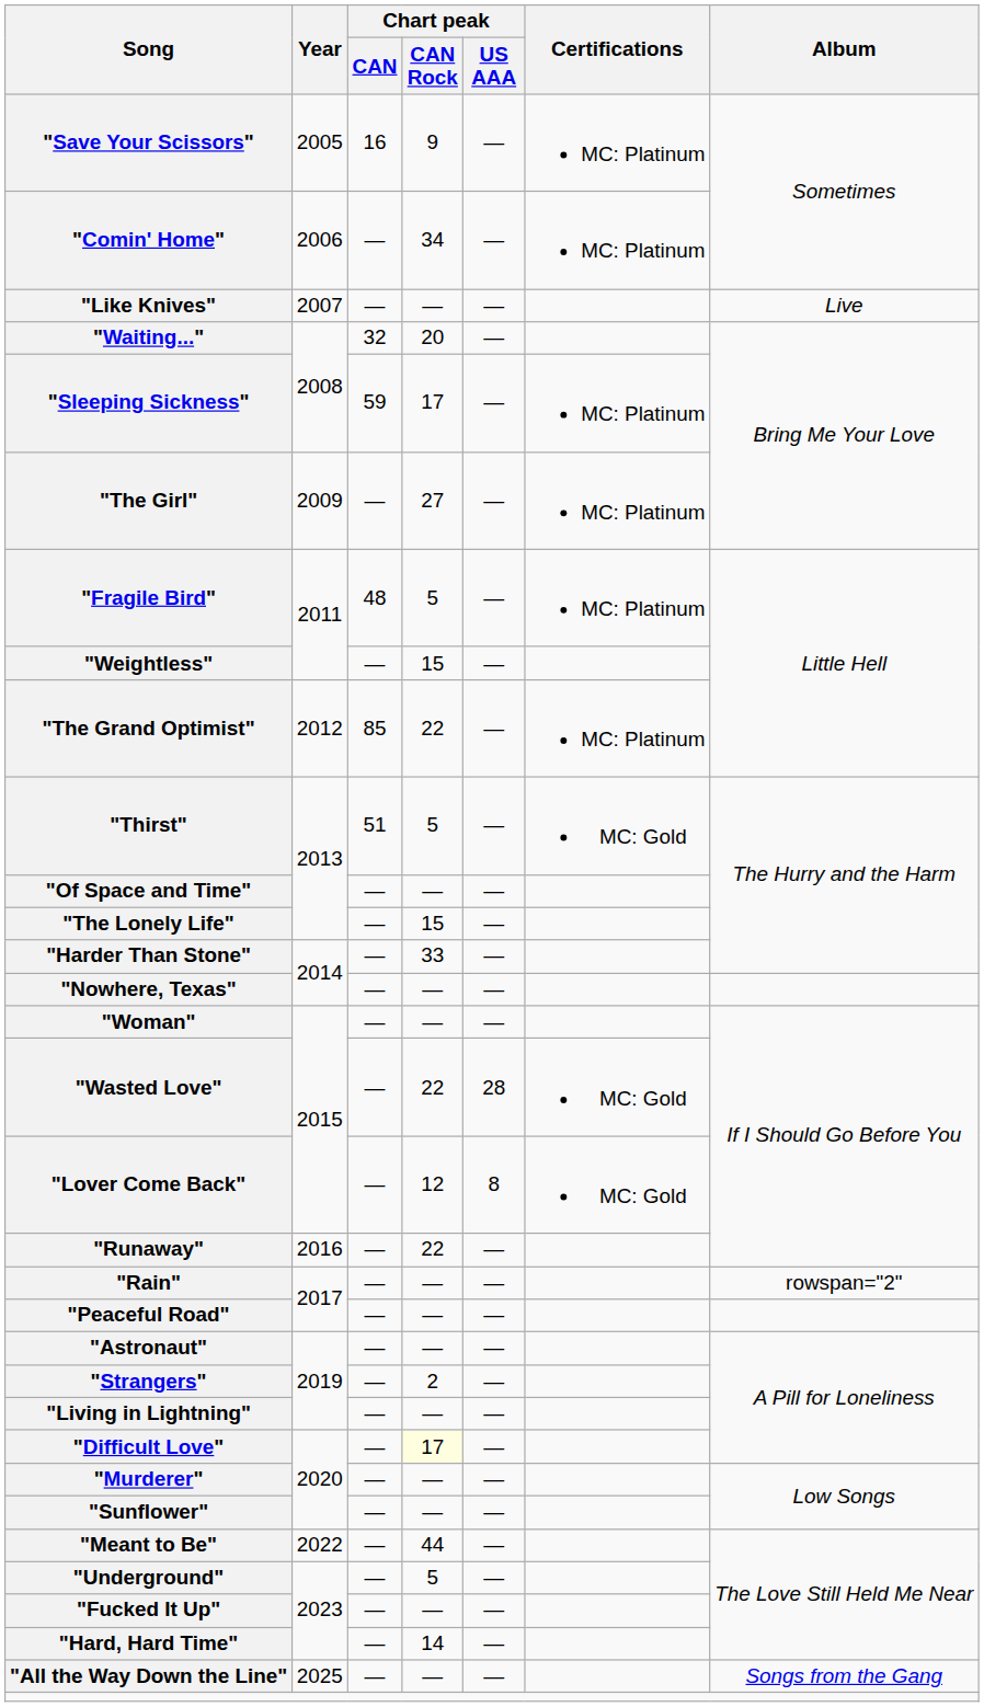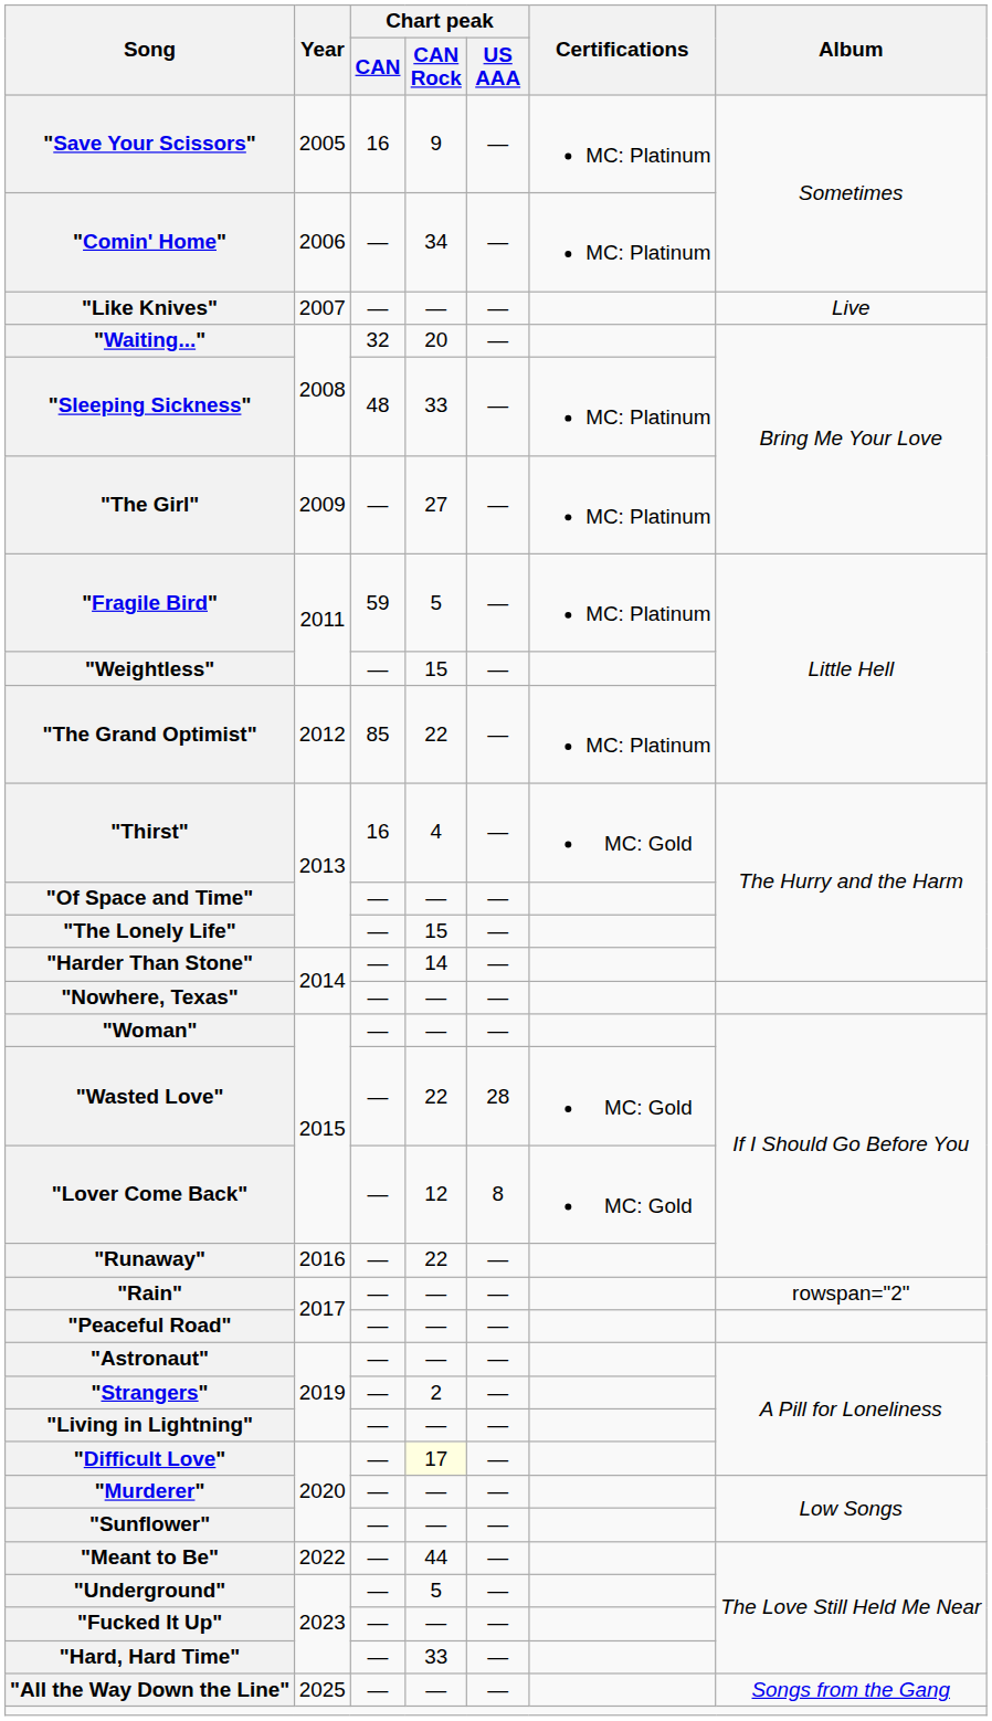 <table class="wikitable plainrowheaders" style="text-align:center;">
 <tr>
 <th rowspan="2">Song</th>
 <th rowspan="2">Year</th>
 <th colspan="3">Chart peak</th>
 <th rowspan="2">Certifications</th>
 <th rowspan="2">Album</th>
 </tr>
 <tr>
 <th style="width=40px;"><a href='#'>CAN</a><br></th>
 <th style="width:40px;"><a href='#'>CAN<br>Rock</a><br></th>
 <th style="width:40px;"><a href='#'>US<br>AAA</a><br></th>
 </tr>
 <tr>
 <th scope="row">"<a href='#'>Save Your Scissors</a>"</th>
 <td>2005</td>
 <td>16</td>
 <td>9</td>
 <td>—</td>
 <td><br><ul><li>MC: Platinum</li></ul></td>
 <td rowspan="2"><em>Sometimes</em></td>
 </tr>
 <tr>
 <th scope="row">"<a href='#'>Comin' Home</a>"</th>
 <td>2006</td>
 <td>—</td>
 <td>34</td>
 <td>—</td>
 <td><br><ul><li>MC: Platinum</li></ul></td>
 </tr>
 <tr>
 <th scope="row">"Like Knives"</th>
 <td>2007</td>
 <td>—</td>
 <td>—</td>
 <td>—</td>
 <td></td>
 <td><em>Live</em></td>
 </tr>
 <tr>
 <th scope="row">"<a href='#'>Waiting...</a>"</th>
 <td rowspan="2">2008</td>
 <td>32</td>
 <td>20</td>
 <td>—</td>
 <td></td>
 <td rowspan="3"><em>Bring Me Your Love</em></td>
 </tr>
 <tr>
 <th scope="row">"<a href='#'>Sleeping Sickness</a>"</th>
-<td>59</td>
-<td>17</td>
+<td>48</td>
+<td>33</td>
 <td>—</td>
 <td><br><ul><li>MC: Platinum</li></ul></td>
 </tr>
 <tr>
 <th scope="row">"The Girl"</th>
 <td>2009</td>
 <td>—</td>
 <td>27</td>
 <td>—</td>
 <td><br><ul><li>MC: Platinum</li></ul></td>
 </tr>
 <tr>
 <th scope="row">"<a href='#'>Fragile Bird</a>"</th>
 <td rowspan="2">2011</td>
-<td>48</td>
+<td>59</td>
 <td>5</td>
 <td>—</td>
 <td><br><ul><li>MC: Platinum</li></ul></td>
 <td rowspan="3"><em>Little Hell</em></td>
 </tr>
 <tr>
 <th scope="row">"Weightless"</th>
 <td>—</td>
 <td>15</td>
 <td>—</td>
 <td></td>
 </tr>
 <tr>
 <th scope="row">"The Grand Optimist"</th>
 <td>2012</td>
 <td>85</td>
 <td>22</td>
 <td>—</td>
 <td><br><ul><li>MC: Platinum</li></ul></td>
 </tr>
 <tr>
 <th scope="row">"Thirst"</th>
 <td rowspan="3">2013</td>
-<td>51</td>
-<td>5</td>
+<td>16</td>
+<td>4</td>
 <td>—</td>
 <td><br><ul><li>MC: Gold</li></ul></td>
 <td rowspan="4"><em>The Hurry and the Harm </em></td>
 </tr>
 <tr>
 <th scope="row">"Of Space and Time"</th>
 <td>—</td>
 <td>—</td>
 <td>—</td>
 <td></td>
 </tr>
 <tr>
 <th scope="row">"The Lonely Life"</th>
 <td>—</td>
 <td>15</td>
 <td>—</td>
 <td></td>
 </tr>
 <tr>
 <th scope="row">"Harder Than Stone"</th>
 <td rowspan="2">2014</td>
 <td>—</td>
-<td>33</td>
+<td>14</td>
 <td>—</td>
 <td></td>
 </tr>
 <tr>
 <th scope="row">"Nowhere, Texas"</th>
 <td>—</td>
 <td>—</td>
 <td>—</td>
 <td></td>
 <td></td>
 </tr>
 <tr>
 <th scope="row">"Woman"</th>
 <td rowspan="3">2015</td>
 <td>—</td>
 <td>—</td>
 <td>—</td>
 <td></td>
 <td rowspan="4"><em>If I Should Go Before You</em></td>
 </tr>
 <tr>
 <th scope="row">"Wasted Love"</th>
 <td>—</td>
 <td>22</td>
 <td>28</td>
 <td><br><ul><li>MC: Gold</li></ul></td>
 </tr>
 <tr>
 <th scope="row">"Lover Come Back"</th>
 <td>—</td>
 <td>12</td>
 <td>8</td>
 <td><br><ul><li>MC: Gold</li></ul></td>
 </tr>
 <tr>
 <th scope="row">"Runaway"</th>
 <td>2016</td>
 <td>—</td>
 <td>22</td>
 <td>—</td>
 <td></td>
 </tr>
 <tr>
 <th scope="row">"Rain"</th>
 <td rowspan="2">2017</td>
 <td>—</td>
 <td>—</td>
 <td>—</td>
 <td></td>
 <td>rowspan="2" </td>
 </tr>
 <tr>
 <th scope="row">"Peaceful Road"</th>
 <td>—</td>
 <td>—</td>
 <td>—</td>
 <td></td>
 </tr>
 <tr>
 <th scope="row">"Astronaut"</th>
 <td rowspan="3">2019</td>
 <td>—</td>
 <td>—</td>
 <td>—</td>
 <td></td>
 <td rowspan="4"><em>A Pill for Loneliness</em></td>
 </tr>
 <tr>
 <th scope="row">"<a href='#'>Strangers</a>"</th>
 <td>—</td>
 <td>2</td>
 <td>—</td>
 <td></td>
 </tr>
 <tr>
 <th scope="row">"Living in Lightning"</th>
 <td>—</td>
 <td>—</td>
 <td>—</td>
 <td></td>
 </tr>
 <tr>
 <th scope="row">"<a href='#'>Difficult Love</a>"</th>
 <td rowspan="3">2020</td>
 <td>—</td>
 <td style="background: lightyellow;">17</td>
 <td>—</td>
 <td></td>
 </tr>
 <tr>
 <th scope="row">"<a href='#'>Murderer</a>"</th>
 <td>—</td>
 <td>—</td>
 <td>—</td>
 <td></td>
 <td rowspan="2"><em>Low Songs</em></td>
 </tr>
 <tr>
 <th scope="row">"Sunflower"</th>
 <td>—</td>
 <td>—</td>
 <td>—</td>
 <td></td>
 </tr>
 <tr>
 <th scope="row">"Meant to Be"</th>
 <td>2022</td>
 <td>—</td>
 <td>44</td>
 <td>—</td>
 <td></td>
 <td rowspan="4"><em>The Love Still Held Me Near</em></td>
 </tr>
 <tr>
 <th scope="row">"Underground"</th>
 <td rowspan=3>2023</td>
 <td>—</td>
 <td>5</td>
 <td>—</td>
 <td></td>
 </tr>
 <tr>
 <th scope="row">"Fucked It Up"</th>
 <td>—</td>
 <td>—</td>
 <td>—</td>
 <td></td>
 </tr>
 <tr>
 <th scope="row">"Hard, Hard Time"</th>
 <td>—</td>
-<td>14</td>
+<td>33</td>
 <td>—</td>
 <td></td>
 </tr>
 <tr>
 <th scope="row">"All the Way Down the Line"</th>
 <td>2025</td>
 <td>—</td>
 <td>—</td>
 <td>—</td>
 <td></td>
 <td><em><a href='#'>Songs from the Gang</a></em></td>
 </tr>
 <tr>
 <td colspan="8" style="font-size:90%"></td>
 </tr>
 </table>
